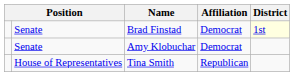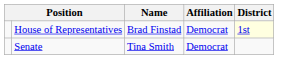 <table class="wikitable">
 <tr>
 <th colspan="2">Position</th>
 <th>Name</th>
 <th>Affiliation</th>
 <th>District</th>
 </tr>
 <tr>
 <td style="background-color:"> </td>
-<td><a href='#'>Senate</a></td>
+<td><a href='#'>House of Representatives</a></td>
 <td><a href='#'>Brad Finstad</a></td>
 <td><a href='#'>Democrat</a></td>
 <td style="background: lightyellow;"><a href='#'>1st</a></td>
 </tr>
 <tr>
 <td style="background-color:"> </td>
 <td><a href='#'>Senate</a></td>
-<td><a href='#'>Amy Klobuchar</a></td>
+<td><a href='#'>Tina Smith</a></td>
 <td><a href='#'>Democrat</a></td>
 <td></td>
 </tr>
-<tr>
-<td style="background-color:"> </td>
-<td><a href='#'>House of Representatives</a></td>
-<td><a href='#'>Tina Smith</a></td>
-<td><a href='#'>Republican</a></td>
-<td></td>
-</tr>
 </table>
